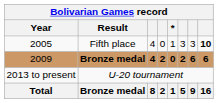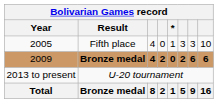 <table class="wikitable" style="text-align: center;">
 <tr>
 <th colspan=8><a href='#'>Bolivarian Games</a> record</th>
 </tr>
 <tr>
 <th>Year</th>
 <th>Result</th>
 <th></th>
 <th></th>
 <th>*</th>
 <th></th>
 <th></th>
 <th></th>
 </tr>
 <tr>
 <td> 2005</td>
 <td>Fifth place</td>
 <td>4</td>
 <td>0</td>
 <td>1</td>
 <td>3</td>
 <td>3</td>
-<td><strong>10</strong></td>
+<td>10</td>
 </tr>
 <tr style="background:#c96;">
 <td> 2009</td>
 <td><strong>Bronze medal</strong></td>
 <td><strong>4</strong></td>
 <td><strong>2</strong></td>
 <td><strong>0</strong></td>
 <td><strong>2</strong></td>
 <td><strong>6</strong></td>
 <td><strong>6</strong></td>
 </tr>
 <tr>
 <td> 2013 to present</td>
 <td colspan=7><em>U-20 tournament</em></td>
 </tr>
 <tr>
 <th>Total</th>
 <th>Bronze medal</th>
 <th>8</th>
 <th>2</th>
 <th>1</th>
 <th>5</th>
 <th>9</th>
 <th>16</th>
 </tr>
 </table>
